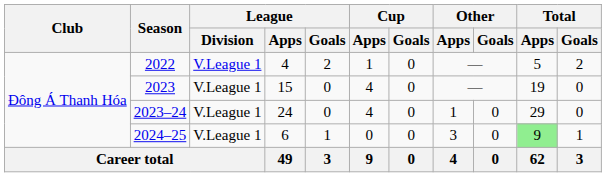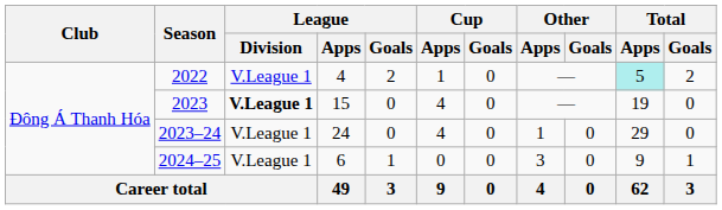 <table class="wikitable" style="text-align: center">
 <tr>
 <th rowspan=2>Club</th>
 <th rowspan=2>Season</th>
 <th colspan=3>League</th>
 <th colspan=2>Cup</th>
 <th colspan=2>Other</th>
 <th colspan=2>Total</th>
 </tr>
 <tr>
 <th>Division</th>
 <th>Apps</th>
 <th>Goals</th>
 <th>Apps</th>
 <th>Goals</th>
 <th>Apps</th>
 <th>Goals</th>
 <th>Apps</th>
 <th>Goals</th>
 </tr>
 <tr>
 <td rowspan=4><a href='#'>Đông Á Thanh Hóa</a></td>
 <td><a href='#'>2022</a></td>
 <td><a href='#'>V.League 1</a></td>
 <td>4</td>
 <td>2</td>
 <td>1</td>
 <td>0</td>
 <td colspan=2>—</td>
-<td>5</td>
+<td style="background: paleturquoise;">5</td>
 <td>2</td>
 </tr>
 <tr>
 <td><a href='#'>2023</a></td>
-<td>V.League 1</td>
+<td><strong>V.League 1</strong></td>
 <td>15</td>
 <td>0</td>
 <td>4</td>
 <td>0</td>
 <td colspan=2>—</td>
 <td>19</td>
 <td>0</td>
 </tr>
 <tr>
 <td><a href='#'>2023–24</a></td>
 <td>V.League 1</td>
 <td>24</td>
 <td>0</td>
 <td>4</td>
 <td>0</td>
 <td>1</td>
 <td>0</td>
 <td>29</td>
 <td>0</td>
 </tr>
 <tr>
 <td><a href='#'>2024–25</a></td>
 <td>V.League 1</td>
 <td>6</td>
 <td>1</td>
 <td>0</td>
 <td>0</td>
 <td>3</td>
 <td>0</td>
-<td style="background: lightgreen;">9</td>
+<td>9</td>
 <td>1</td>
 </tr>
 <tr>
 <th colspan=3>Career total</th>
 <th>49</th>
 <th>3</th>
 <th>9</th>
 <th>0</th>
 <th>4</th>
 <th>0</th>
 <th>62</th>
 <th>3</th>
 </tr>
 </table>
